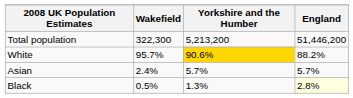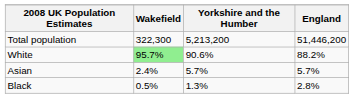 <table class="wikitable" id="toc" style="float:right; margin-left: 1em; width: 40%; font-size: 90%;" cellspacing="5">
 <tr>
 </tr>
 <tr>
 <th>2008 UK Population Estimates</th>
 <th>Wakefield</th>
 <th>Yorkshire and the Humber</th>
 <th>England</th>
 </tr>
 <tr>
 <td>Total population</td>
 <td>322,300</td>
 <td>5,213,200</td>
 <td>51,446,200</td>
 </tr>
 <tr>
 <td>White</td>
-<td>95.7%</td>
-<td style="background: gold;">90.6%</td>
+<td style="background: lightgreen;">95.7%</td>
+<td>90.6%</td>
 <td>88.2%</td>
 </tr>
 <tr>
 <td>Asian</td>
 <td>2.4%</td>
 <td>5.7%</td>
 <td>5.7%</td>
 </tr>
 <tr>
 <td>Black</td>
 <td>0.5%</td>
 <td>1.3%</td>
-<td style="background: lightyellow;">2.8%</td>
+<td>2.8%</td>
 </tr>
 </table>
